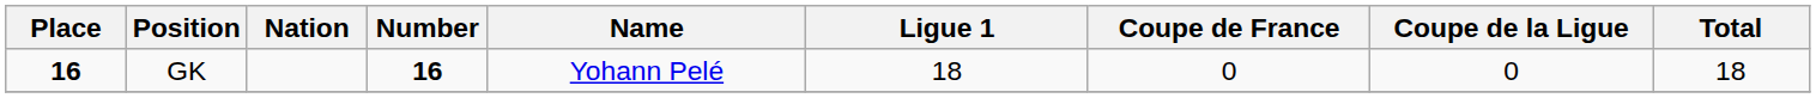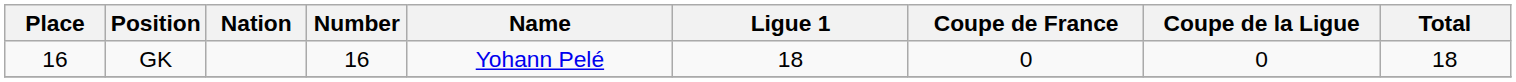 <table class="wikitable" style="font-size: 95%; text-align: center;">
 <tr>
 <th width=60>Place</th>
 <th width=60>Position</th>
 <th width=60>Nation</th>
 <th width=60>Number</th>
 <th width=170>Name</th>
 <th width=150>Ligue 1</th>
 <th width=150>Coupe de France</th>
 <th width=150>Coupe de la Ligue</th>
 <th width=80><strong>Total</strong></th>
 </tr>
 <tr>
-<td><strong>16</strong></td>
+<td>16</td>
 <td>GK</td>
 <td></td>
-<td><strong>16</strong></td>
+<td>16</td>
 <td><a href='#'>Yohann Pelé</a></td>
 <td>18</td>
 <td>0</td>
 <td>0</td>
 <td>18</td>
 </tr>
 <tr>
 </tr>
 </table>
